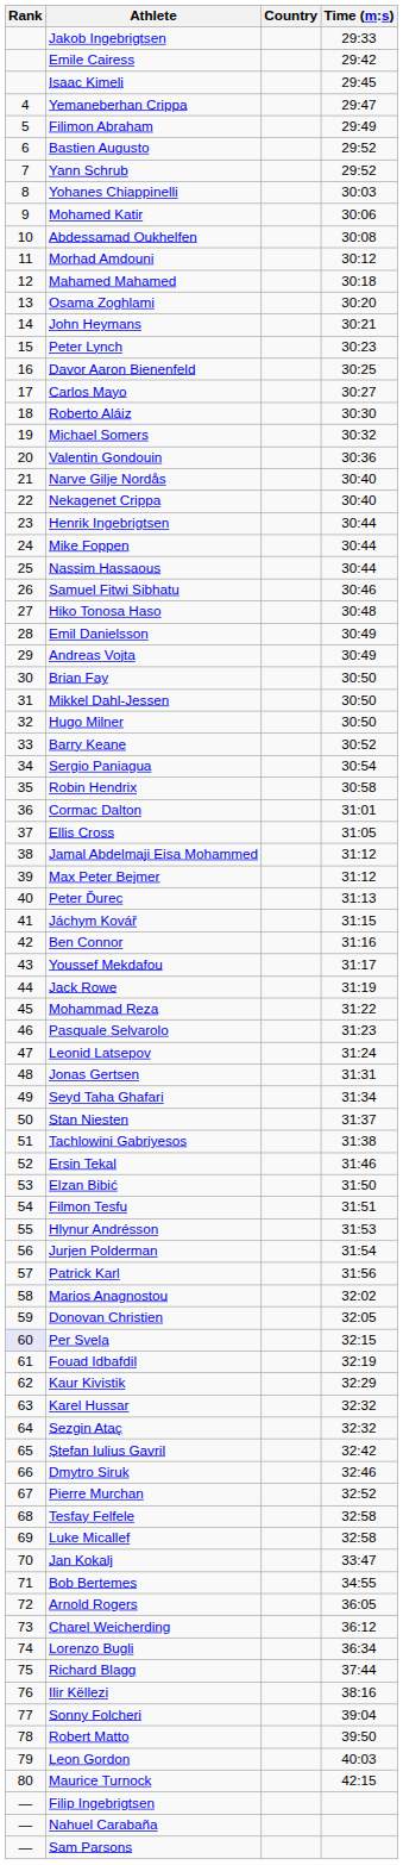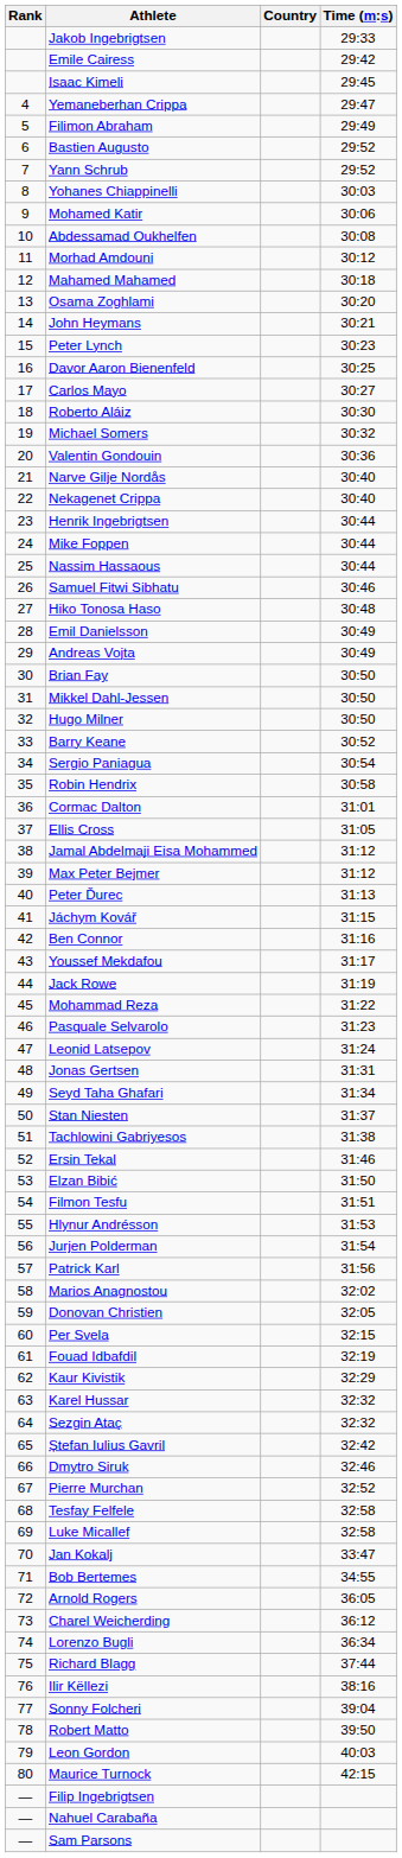 <table class="wikitable sortable" style="text-align:center">
 <tr>
 <th>Rank</th>
 <th>Athlete</th>
 <th>Country</th>
 <th>Time (<a href='#'>m</a>:<a href='#'>s</a>)</th>
 </tr>
 <tr>
 <td></td>
 <td align=left><a href='#'>Jakob Ingebrigtsen</a></td>
 <td align=left></td>
 <td>29:33</td>
 </tr>
 <tr>
 <td></td>
 <td align=left><a href='#'>Emile Cairess</a></td>
 <td align=left></td>
 <td>29:42</td>
 </tr>
 <tr>
 <td></td>
 <td align=left><a href='#'>Isaac Kimeli</a></td>
 <td align=left></td>
 <td>29:45</td>
 </tr>
 <tr>
 <td>4</td>
 <td align=left><a href='#'>Yemaneberhan Crippa</a></td>
 <td align=left></td>
 <td>29:47</td>
 </tr>
 <tr>
 <td>5</td>
 <td align=left><a href='#'>Filimon Abraham</a></td>
 <td align=left></td>
 <td>29:49</td>
 </tr>
 <tr>
 <td>6</td>
 <td align=left><a href='#'>Bastien Augusto</a></td>
 <td align=left></td>
 <td>29:52</td>
 </tr>
 <tr>
 <td>7</td>
 <td align=left><a href='#'>Yann Schrub</a></td>
 <td align=left></td>
 <td>29:52</td>
 </tr>
 <tr>
 <td>8</td>
 <td align=left><a href='#'>Yohanes Chiappinelli</a></td>
 <td align=left></td>
 <td>30:03</td>
 </tr>
 <tr>
 <td>9</td>
 <td align=left><a href='#'>Mohamed Katir</a></td>
 <td align=left></td>
 <td>30:06</td>
 </tr>
 <tr>
 <td>10</td>
 <td align=left><a href='#'>Abdessamad Oukhelfen</a></td>
 <td align=left></td>
 <td>30:08</td>
 </tr>
 <tr>
 <td>11</td>
 <td align=left><a href='#'>Morhad Amdouni</a></td>
 <td align=left></td>
 <td>30:12</td>
 </tr>
 <tr>
 <td>12</td>
 <td align=left><a href='#'>Mahamed Mahamed</a></td>
 <td align=left></td>
 <td>30:18</td>
 </tr>
 <tr>
 <td>13</td>
 <td align=left><a href='#'>Osama Zoghlami</a></td>
 <td align=left></td>
 <td>30:20</td>
 </tr>
 <tr>
 <td>14</td>
 <td align=left><a href='#'>John Heymans</a></td>
 <td align=left></td>
 <td>30:21</td>
 </tr>
 <tr>
 <td>15</td>
 <td align=left><a href='#'>Peter Lynch</a></td>
 <td align=left></td>
 <td>30:23</td>
 </tr>
 <tr>
 <td>16</td>
 <td align=left><a href='#'>Davor Aaron Bienenfeld</a></td>
 <td align=left></td>
 <td>30:25</td>
 </tr>
 <tr>
 <td>17</td>
 <td align=left><a href='#'>Carlos Mayo</a></td>
 <td align=left></td>
 <td>30:27</td>
 </tr>
 <tr>
 <td>18</td>
 <td align=left><a href='#'>Roberto Aláiz</a></td>
 <td align=left></td>
 <td>30:30</td>
 </tr>
 <tr>
 <td>19</td>
 <td align=left><a href='#'>Michael Somers</a></td>
 <td align=left></td>
 <td>30:32</td>
 </tr>
 <tr>
 <td>20</td>
 <td align=left><a href='#'>Valentin Gondouin</a></td>
 <td align=left></td>
 <td>30:36</td>
 </tr>
 <tr>
 <td>21</td>
 <td align=left><a href='#'>Narve Gilje Nordås</a></td>
 <td align=left></td>
 <td>30:40</td>
 </tr>
 <tr>
 <td>22</td>
 <td align=left><a href='#'>Nekagenet Crippa</a></td>
 <td align=left></td>
 <td>30:40</td>
 </tr>
 <tr>
 <td>23</td>
 <td align=left><a href='#'>Henrik Ingebrigtsen</a></td>
 <td align=left></td>
 <td>30:44</td>
 </tr>
 <tr>
 <td>24</td>
 <td align=left><a href='#'>Mike Foppen</a></td>
 <td align=left></td>
 <td>30:44</td>
 </tr>
 <tr>
 <td>25</td>
 <td align=left><a href='#'>Nassim Hassaous</a></td>
 <td align=left></td>
 <td>30:44</td>
 </tr>
 <tr>
 <td>26</td>
 <td align=left><a href='#'>Samuel Fitwi Sibhatu</a></td>
 <td align=left></td>
 <td>30:46</td>
 </tr>
 <tr>
 <td>27</td>
 <td align=left><a href='#'>Hiko Tonosa Haso</a></td>
 <td align=left></td>
 <td>30:48</td>
 </tr>
 <tr>
 <td>28</td>
 <td align=left><a href='#'>Emil Danielsson</a></td>
 <td align=left></td>
 <td>30:49</td>
 </tr>
 <tr>
 <td>29</td>
 <td align=left><a href='#'>Andreas Vojta</a></td>
 <td align=left></td>
 <td>30:49</td>
 </tr>
 <tr>
 <td>30</td>
 <td align=left><a href='#'>Brian Fay</a></td>
 <td align=left></td>
 <td>30:50</td>
 </tr>
 <tr>
 <td>31</td>
 <td align=left><a href='#'>Mikkel Dahl-Jessen</a></td>
 <td align=left></td>
 <td>30:50</td>
 </tr>
 <tr>
 <td>32</td>
 <td align=left><a href='#'>Hugo Milner</a></td>
 <td align=left></td>
 <td>30:50</td>
 </tr>
 <tr>
 <td>33</td>
 <td align=left><a href='#'>Barry Keane</a></td>
 <td align=left></td>
 <td>30:52</td>
 </tr>
 <tr>
 <td>34</td>
 <td align=left><a href='#'>Sergio Paniagua</a></td>
 <td align=left></td>
 <td>30:54</td>
 </tr>
 <tr>
 <td>35</td>
 <td align=left><a href='#'>Robin Hendrix</a></td>
 <td align=left></td>
 <td>30:58</td>
 </tr>
 <tr>
 <td>36</td>
 <td align=left><a href='#'>Cormac Dalton</a></td>
 <td align=left></td>
 <td>31:01</td>
 </tr>
 <tr>
 <td>37</td>
 <td align=left><a href='#'>Ellis Cross</a></td>
 <td align=left></td>
 <td>31:05</td>
 </tr>
 <tr>
 <td>38</td>
 <td align=left><a href='#'>Jamal Abdelmaji Eisa Mohammed</a></td>
 <td align=left></td>
 <td>31:12</td>
 </tr>
 <tr>
 <td>39</td>
 <td align=left><a href='#'>Max Peter Bejmer</a></td>
 <td align=left></td>
 <td>31:12</td>
 </tr>
 <tr>
 <td>40</td>
 <td align=left><a href='#'>Peter Ďurec</a></td>
 <td align=left></td>
 <td>31:13</td>
 </tr>
 <tr>
 <td>41</td>
 <td align=left><a href='#'>Jáchym Kovář</a></td>
 <td align=left></td>
 <td>31:15</td>
 </tr>
 <tr>
 <td>42</td>
 <td align=left><a href='#'>Ben Connor</a></td>
 <td align=left></td>
 <td>31:16</td>
 </tr>
 <tr>
 <td>43</td>
 <td align=left><a href='#'>Youssef Mekdafou</a></td>
 <td align=left></td>
 <td>31:17</td>
 </tr>
 <tr>
 <td>44</td>
 <td align=left><a href='#'>Jack Rowe</a></td>
 <td align=left></td>
 <td>31:19</td>
 </tr>
 <tr>
 <td>45</td>
 <td align=left><a href='#'>Mohammad Reza</a></td>
 <td align=left></td>
 <td>31:22</td>
 </tr>
 <tr>
 <td>46</td>
 <td align=left><a href='#'>Pasquale Selvarolo</a></td>
 <td align=left></td>
 <td>31:23</td>
 </tr>
 <tr>
 <td>47</td>
 <td align=left><a href='#'>Leonid Latsepov</a></td>
 <td align=left></td>
 <td>31:24</td>
 </tr>
 <tr>
 <td>48</td>
 <td align=left><a href='#'>Jonas Gertsen</a></td>
 <td align=left></td>
 <td>31:31</td>
 </tr>
 <tr>
 <td>49</td>
 <td align=left><a href='#'>Seyd Taha Ghafari</a></td>
 <td align=left></td>
 <td>31:34</td>
 </tr>
 <tr>
 <td>50</td>
 <td align=left><a href='#'>Stan Niesten</a></td>
 <td align=left></td>
 <td>31:37</td>
 </tr>
 <tr>
 <td>51</td>
 <td align=left><a href='#'>Tachlowini Gabriyesos</a></td>
 <td align=left></td>
 <td>31:38</td>
 </tr>
 <tr>
 <td>52</td>
 <td align=left><a href='#'>Ersin Tekal</a></td>
 <td align=left></td>
 <td>31:46</td>
 </tr>
 <tr>
 <td>53</td>
 <td align=left><a href='#'>Elzan Bibić</a></td>
 <td align=left></td>
 <td>31:50</td>
 </tr>
 <tr>
 <td>54</td>
 <td align=left><a href='#'>Filmon Tesfu</a></td>
 <td align=left></td>
 <td>31:51</td>
 </tr>
 <tr>
 <td>55</td>
 <td align=left><a href='#'>Hlynur Andrésson</a></td>
 <td align=left></td>
 <td>31:53</td>
 </tr>
 <tr>
 <td>56</td>
 <td align=left><a href='#'>Jurjen Polderman</a></td>
 <td align=left></td>
 <td>31:54</td>
 </tr>
 <tr>
 <td>57</td>
 <td align=left><a href='#'>Patrick Karl</a></td>
 <td align=left></td>
 <td>31:56</td>
 </tr>
 <tr>
 <td>58</td>
 <td align=left><a href='#'>Marios Anagnostou</a></td>
 <td align=left></td>
 <td>32:02</td>
 </tr>
 <tr>
 <td>59</td>
 <td align=left><a href='#'>Donovan Christien</a></td>
 <td align=left></td>
 <td>32:05</td>
 </tr>
 <tr>
-<td style="background: lavender;">60</td>
+<td>60</td>
 <td align=left><a href='#'>Per Svela</a></td>
 <td align=left></td>
 <td>32:15</td>
 </tr>
 <tr>
 <td>61</td>
 <td align=left><a href='#'>Fouad Idbafdil</a></td>
 <td align=left></td>
 <td>32:19</td>
 </tr>
 <tr>
 <td>62</td>
 <td align=left><a href='#'>Kaur Kivistik</a></td>
 <td align=left></td>
 <td>32:29</td>
 </tr>
 <tr>
 <td>63</td>
 <td align=left><a href='#'>Karel Hussar</a></td>
 <td align=left></td>
 <td>32:32</td>
 </tr>
 <tr>
 <td>64</td>
 <td align=left><a href='#'>Sezgin Ataç</a></td>
 <td align=left></td>
 <td>32:32</td>
 </tr>
 <tr>
 <td>65</td>
 <td align=left><a href='#'>Ștefan Iulius Gavril</a></td>
 <td align=left></td>
 <td>32:42</td>
 </tr>
 <tr>
 <td>66</td>
 <td align=left><a href='#'>Dmytro Siruk</a></td>
 <td align=left></td>
 <td>32:46</td>
 </tr>
 <tr>
 <td>67</td>
 <td align=left><a href='#'>Pierre Murchan</a></td>
 <td align=left></td>
 <td>32:52</td>
 </tr>
 <tr>
 <td>68</td>
 <td align=left><a href='#'>Tesfay Felfele</a></td>
 <td align=left></td>
 <td>32:58</td>
 </tr>
 <tr>
 <td>69</td>
 <td align=left><a href='#'>Luke Micallef</a></td>
 <td align=left></td>
 <td>32:58</td>
 </tr>
 <tr>
 <td>70</td>
 <td align=left><a href='#'>Jan Kokalj</a></td>
 <td align=left></td>
 <td>33:47</td>
 </tr>
 <tr>
 <td>71</td>
 <td align=left><a href='#'>Bob Bertemes</a></td>
 <td align=left></td>
 <td>34:55</td>
 </tr>
 <tr>
 <td>72</td>
 <td align=left><a href='#'>Arnold Rogers</a></td>
 <td align=left></td>
 <td>36:05</td>
 </tr>
 <tr>
 <td>73</td>
 <td align=left><a href='#'>Charel Weicherding</a></td>
 <td align=left></td>
 <td>36:12</td>
 </tr>
 <tr>
 <td>74</td>
 <td align=left><a href='#'>Lorenzo Bugli</a></td>
 <td align=left></td>
 <td>36:34</td>
 </tr>
 <tr>
 <td>75</td>
 <td align=left><a href='#'>Richard Blagg</a></td>
 <td align=left></td>
 <td>37:44</td>
 </tr>
 <tr>
 <td>76</td>
 <td align=left><a href='#'>Ilir Këllezi</a></td>
 <td align=left></td>
 <td>38:16</td>
 </tr>
 <tr>
 <td>77</td>
 <td align=left><a href='#'>Sonny Folcheri</a></td>
 <td align=left></td>
 <td>39:04</td>
 </tr>
 <tr>
 <td>78</td>
 <td align=left><a href='#'>Robert Matto</a></td>
 <td align=left></td>
 <td>39:50</td>
 </tr>
 <tr>
 <td>79</td>
 <td align=left><a href='#'>Leon Gordon</a></td>
 <td align=left></td>
 <td>40:03</td>
 </tr>
 <tr>
 <td>80</td>
 <td align=left><a href='#'>Maurice Turnock</a></td>
 <td align=left></td>
 <td>42:15</td>
 </tr>
 <tr>
 <td>—</td>
 <td align=left><a href='#'>Filip Ingebrigtsen</a></td>
 <td align=left></td>
 <td></td>
 </tr>
 <tr>
 <td>—</td>
 <td align=left><a href='#'>Nahuel Carabaña</a></td>
 <td align=left></td>
 <td></td>
 </tr>
 <tr>
 <td>—</td>
 <td align=left><a href='#'>Sam Parsons</a></td>
 <td align=left></td>
 <td></td>
 </tr>
 </table>
